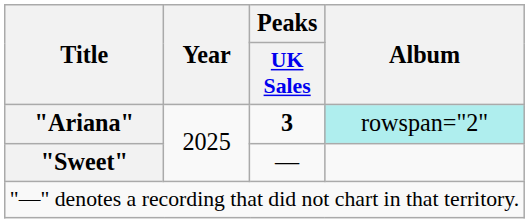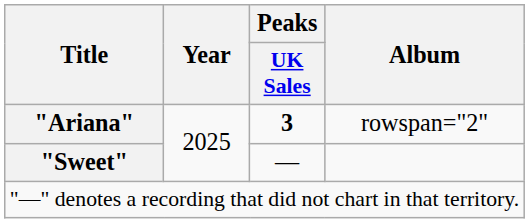 <table class="wikitable plainrowheaders" style="text-align:center">
 <tr>
 <th scope="col" rowspan="2">Title</th>
 <th scope="col" rowspan="2">Year</th>
 <th scope="col" colspan="1">Peaks</th>
 <th scope="col" rowspan="2">Album</th>
 </tr>
 <tr>
 <th scope="col" style="width:3em;font-size:90%"><a href='#'>UK<br>Sales</a><br></th>
 </tr>
 <tr>
 <th scope="row">"Ariana"</th>
 <td rowspan="2">2025</td>
 <td><strong>3</strong></td>
-<td style="background: paleturquoise;">rowspan="2" </td>
+<td>rowspan="2" </td>
 </tr>
 <tr>
 <th scope="row">"Sweet"</th>
 <td>—</td>
 </tr>
 <tr>
 <td colspan="4" style="font-size:90%;">"—" denotes a recording that did not chart in that territory.</td>
 </tr>
 </table>
